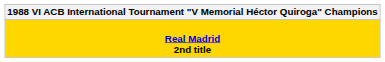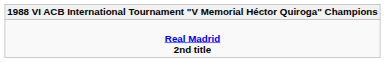 <table class=wikitable style="text-align:center; margin:auto">
 <tr>
 <th>1988 VI ACB International Tournament "V Memorial Héctor Quiroga" Champions</th>
 </tr>
 <tr>
-<td style="background: gold;"><br> <strong><a href='#'>Real Madrid</a></strong> <br> <strong>2nd title</strong></td>
+<td><br> <strong><a href='#'>Real Madrid</a></strong> <br> <strong>2nd title</strong></td>
 </tr>
 </table>
